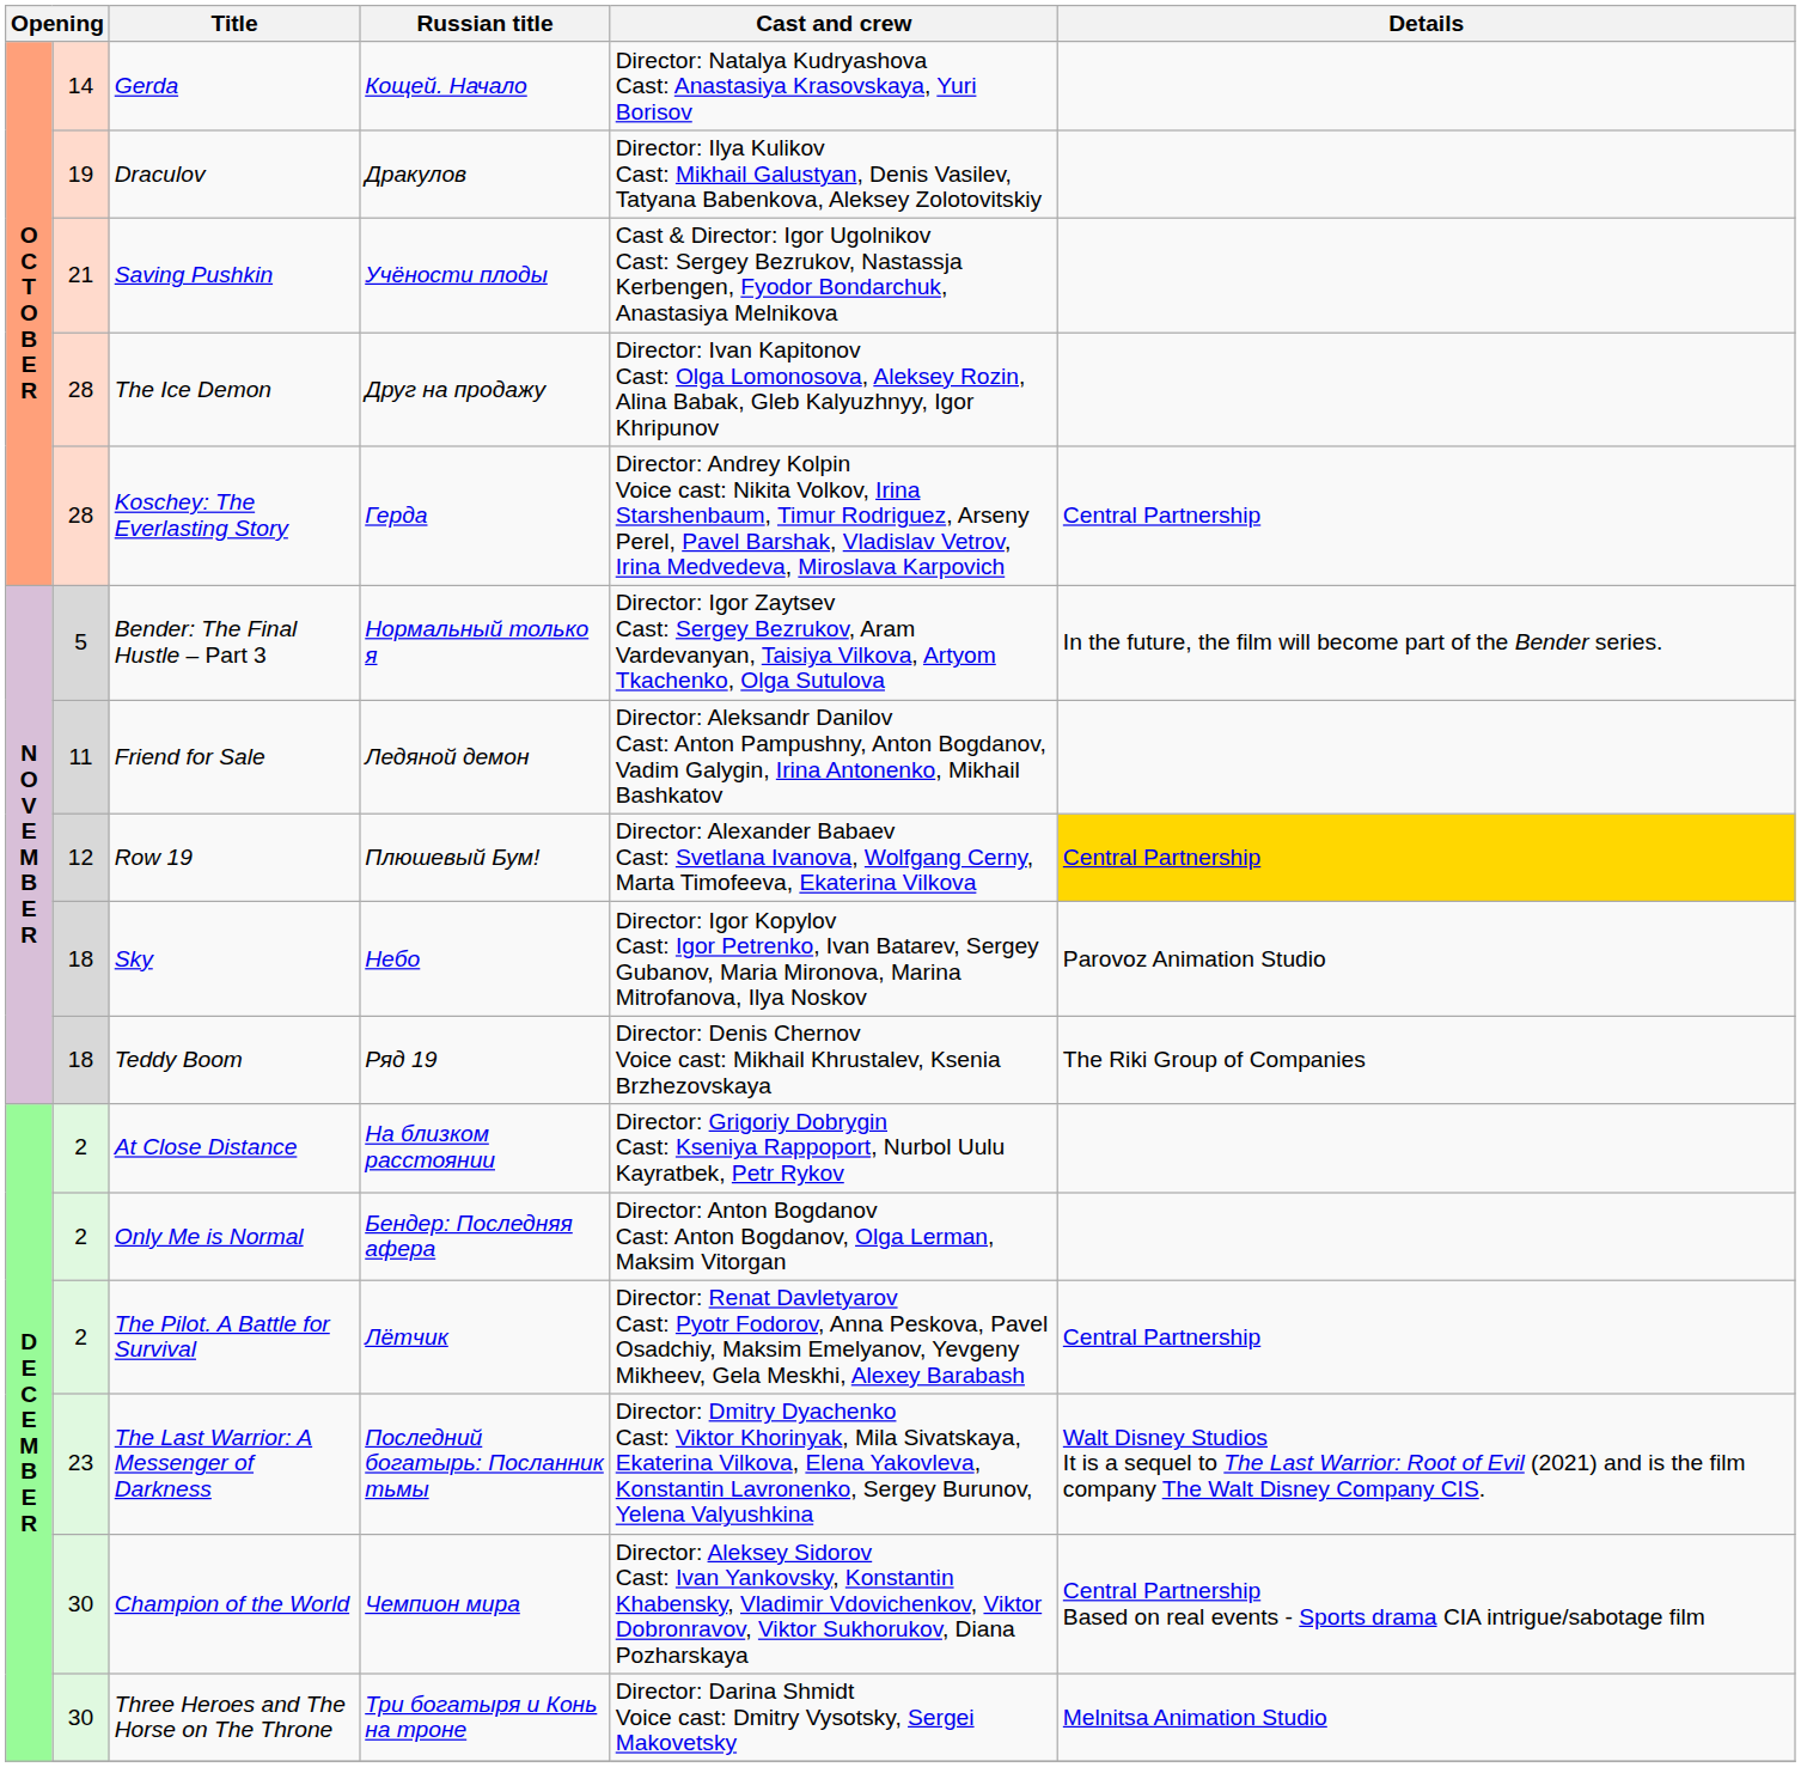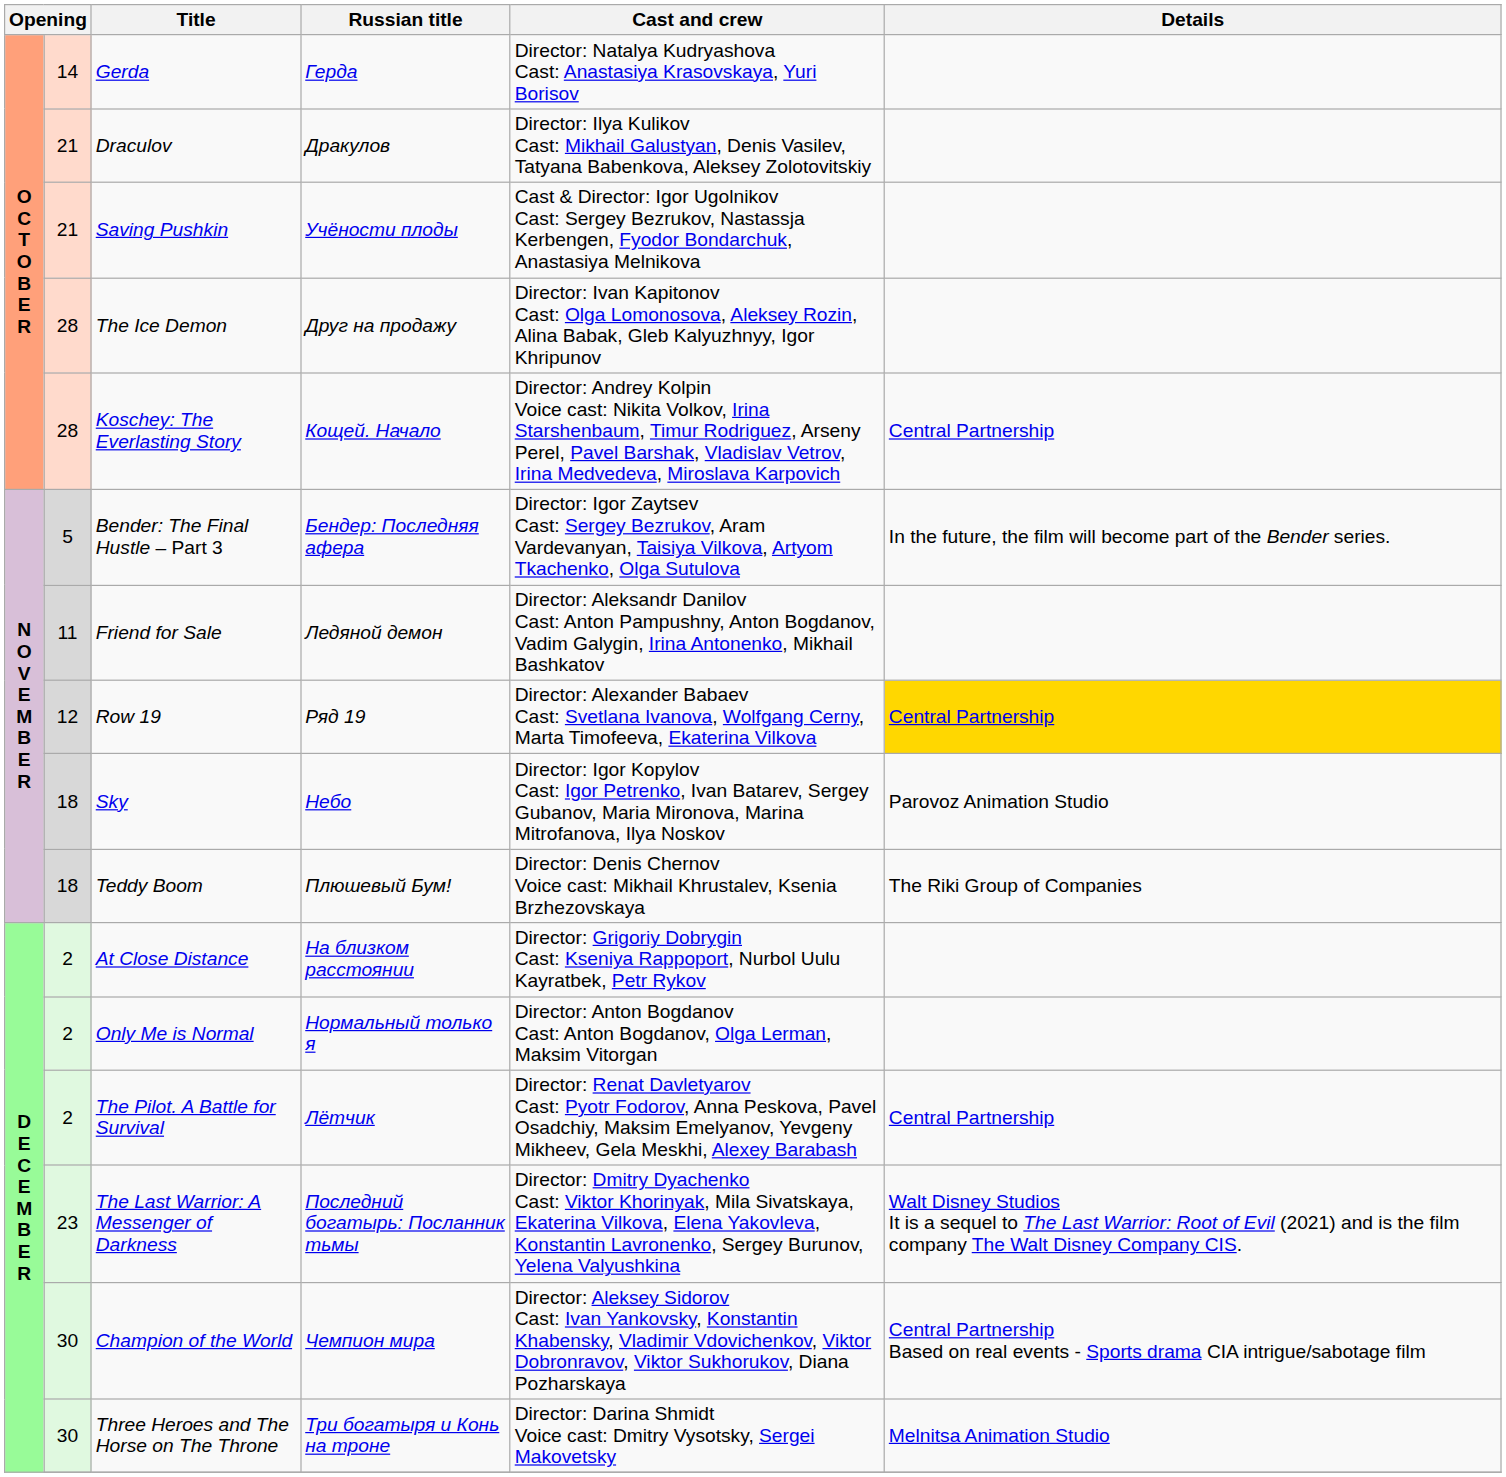 <table class="wikitable">
 <tr>
 <th colspan="2">Opening</th>
 <th style="width:14%;">Title</th>
 <th style="width:14%;">Russian title</th>
 <th style="width:25%;">Cast and crew</th>
 <th>Details</th>
 </tr>
 <tr>
 <th rowspan="5" align="center" style="background:#ffa07a; textcolor:#000;">O<br>C<br>T<br>O<br>B<br>E<br>R</th>
 <td align="center" style="background:#ffdacc;">14</td>
 <td><em><a href='#'>Gerda</a></em></td>
-<td><em><a href='#'>Кощей. Начало</a></em></td>
+<td><em><a href='#'>Герда</a></em></td>
 <td>Director: Natalya Kudryashova <br> Cast: <a href='#'>Anastasiya Krasovskaya</a>, <a href='#'>Yuri Borisov</a></td>
 <td></td>
 </tr>
 <tr>
-<td align="center" style="background:#ffdacc;">19</td>
+<td align="center" style="background:#ffdacc;">21</td>
 <td><em>Draculov</em></td>
 <td><em>Дракулов</em></td>
 <td>Director: Ilya Kulikov <br> Cast: <a href='#'>Mikhail Galustyan</a>, Denis Vasilev, Tatyana Babenkova, Aleksey Zolotovitskiy</td>
 <td></td>
 </tr>
 <tr>
 <td align="center" style="background:#ffdacc;">21</td>
 <td><em><a href='#'>Saving Pushkin</a></em></td>
 <td><em><a href='#'>Учёности плоды</a></em></td>
 <td>Cast & Director: Igor Ugolnikov <br> Cast: Sergey Bezrukov, Nastassja Kerbengen, <a href='#'>Fyodor Bondarchuk</a>, Anastasiya Melnikova</td>
 <td></td>
 </tr>
 <tr>
 <td align="center" style="background:#ffdacc;">28</td>
 <td><em>The Ice Demon</em></td>
 <td><em>Друг на продажу</em></td>
 <td>Director: Ivan Kapitonov <br> Cast: <a href='#'>Olga Lomonosova</a>, <a href='#'>Aleksey Rozin</a>, Alina Babak, Gleb Kalyuzhnyy, Igor Khripunov</td>
 <td></td>
 </tr>
 <tr>
 <td align="center" style="background:#ffdacc;">28</td>
 <td><em><a href='#'>Koschey: The Everlasting Story</a></em></td>
-<td><em><a href='#'>Герда</a></em></td>
+<td><em><a href='#'>Кощей. Начало</a></em></td>
 <td>Director: Andrey Kolpin <br> Voice cast: Nikita Volkov, <a href='#'>Irina Starshenbaum</a>, <a href='#'>Timur Rodriguez</a>, Arseny Perel, <a href='#'>Pavel Barshak</a>, <a href='#'>Vladislav Vetrov</a>, <a href='#'>Irina Medvedeva</a>, <a href='#'>Miroslava Karpovich</a></td>
 <td><a href='#'>Central Partnership</a></td>
 </tr>
 <tr>
 <th rowspan="5" align="center" style="background:thistle; textcolor:#000;">N<br>O<br>V<br>E<br>M<br>B<br>E<br>R</th>
 <td align="center" style="background:#d8d8d8;">5</td>
 <td><em>Bender: The Final Hustle</em> – Part 3</td>
-<td><em><a href='#'>Нормальный только я</a></em></td>
+<td><em><a href='#'>Бендер: Последняя афера</a></em></td>
 <td>Director: Igor Zaytsev <br> Cast: <a href='#'>Sergey Bezrukov</a>, Aram Vardevanyan, <a href='#'>Taisiya Vilkova</a>, <a href='#'>Artyom Tkachenko</a>, <a href='#'>Olga Sutulova</a></td>
 <td>In the future, the film will become part of the <em>Bender</em> series.</td>
 </tr>
 <tr>
 <td align="center" style="background:#d8d8d8;">11</td>
 <td><em>Friend for Sale</em></td>
 <td><em>Ледяной демон</em></td>
 <td>Director: Aleksandr Danilov <br> Cast: Anton Pampushny, Anton Bogdanov, Vadim Galygin, <a href='#'>Irina Antonenko</a>, Mikhail Bashkatov</td>
 <td></td>
 </tr>
 <tr>
 <td align="center" style="background:#d8d8d8;">12</td>
 <td><em>Row 19</em></td>
-<td><em>Плюшевый Бум!</em></td>
+<td><em>Ряд 19</em></td>
 <td>Director: Alexander Babaev <br> Cast: <a href='#'>Svetlana Ivanova</a>, <a href='#'>Wolfgang Cerny</a>, Marta Timofeeva, <a href='#'>Ekaterina Vilkova</a></td>
 <td style="background: gold;"><a href='#'>Central Partnership</a></td>
 </tr>
 <tr>
 <td align="center" style="background:#d8d8d8;">18</td>
 <td><em><a href='#'>Sky</a></em></td>
 <td><em><a href='#'>Небо</a></em></td>
 <td>Director: Igor Kopylov <br> Cast: <a href='#'>Igor Petrenko</a>, Ivan Batarev, Sergey Gubanov, Maria Mironova, Marina Mitrofanova, Ilya Noskov</td>
 <td>Parovoz Animation Studio</td>
 </tr>
 <tr>
 <td align="center" style="background:#d8d8d8;">18</td>
 <td><em>Teddy Boom</em></td>
-<td><em>Ряд 19</em></td>
+<td><em>Плюшевый Бум!</em></td>
 <td>Director: Denis Chernov  <br> Voice cast: Mikhail Khrustalev, Ksenia Brzhezovskaya</td>
 <td>The Riki Group of Companies</td>
 </tr>
 <tr>
 <th rowspan="7" align="center" style="background:#98fb98; textcolor:#000;">D<br>E<br>C<br>E<br>M<br>B<br>E<br>R</th>
 <td align="center" style="background:#e0f9e0;">2</td>
 <td><em><a href='#'>At Close Distance</a></em></td>
 <td><em><a href='#'>На близком расстоянии</a></em></td>
 <td>Director: <a href='#'>Grigoriy Dobrygin</a> <br> Cast: <a href='#'>Kseniya Rappoport</a>, Nurbol Uulu Kayratbek, <a href='#'>Petr Rykov</a></td>
 <td></td>
 </tr>
 <tr>
 <td align="center" style="background:#e0f9e0;">2</td>
 <td><em><a href='#'>Only Me is Normal</a></em></td>
-<td><em><a href='#'>Бендер: Последняя афера</a></em></td>
+<td><em><a href='#'>Нормальный только я</a></em></td>
 <td>Director: Anton Bogdanov <br> Cast: Anton Bogdanov, <a href='#'>Olga Lerman</a>, Maksim Vitorgan</td>
 <td></td>
 </tr>
 <tr>
 <td align="center" style="background:#e0f9e0;">2</td>
 <td><em><a href='#'>The Pilot. A Battle for Survival</a></em></td>
 <td><em><a href='#'>Лётчик</a></em></td>
 <td>Director: <a href='#'>Renat Davletyarov</a> <br> Cast: <a href='#'>Pyotr Fodorov</a>, Anna Peskova, Pavel Osadchiy, Maksim Emelyanov, Yevgeny Mikheev, Gela Meskhi, <a href='#'>Alexey Barabash</a></td>
 <td><a href='#'>Central Partnership</a></td>
 </tr>
 <tr>
 <td align="center" style="background:#e0f9e0;">23</td>
 <td><em><a href='#'>The Last Warrior: A Messenger of Darkness</a></em></td>
 <td><em><a href='#'>Последний богатырь: Посланник тьмы</a></em></td>
 <td>Director: <a href='#'>Dmitry Dyachenko</a> <br> Cast: <a href='#'>Viktor Khorinyak</a>, Mila Sivatskaya, <a href='#'>Ekaterina Vilkova</a>, <a href='#'>Elena Yakovleva</a>, <a href='#'>Konstantin Lavronenko</a>, Sergey Burunov, <a href='#'>Yelena Valyushkina</a></td>
 <td><a href='#'>Walt Disney Studios</a> <br> It is a sequel to <em><a href='#'>The Last Warrior: Root of Evil</a></em> (2021) and is the film company <a href='#'>The Walt Disney Company CIS</a>.</td>
 </tr>
 <tr>
 <td align="center" style="background:#e0f9e0;">30</td>
 <td><em><a href='#'>Champion of the World</a></em></td>
 <td><em><a href='#'>Чемпион мира</a></em></td>
 <td>Director: <a href='#'>Aleksey Sidorov</a> <br> Cast: <a href='#'>Ivan Yankovsky</a>, <a href='#'>Konstantin Khabensky</a>, <a href='#'>Vladimir Vdovichenkov</a>, <a href='#'>Viktor Dobronravov</a>, <a href='#'>Viktor Sukhorukov</a>, Diana Pozharskaya</td>
 <td><a href='#'>Central Partnership</a> <br> Based on real events - <a href='#'>Sports drama</a> CIA intrigue/sabotage film </td>
 </tr>
 <tr>
 <td align="center" style="background:#e0f9e0;">30</td>
 <td><em>Three Heroes and The Horse on The Throne</em></td>
 <td><em><a href='#'>Три богатыря и Конь на троне</a></em></td>
 <td>Director: Darina Shmidt <br> Voice cast: Dmitry Vysotsky, <a href='#'>Sergei Makovetsky</a></td>
 <td><a href='#'>Melnitsa Animation Studio</a></td>
 </tr>
 <tr>
 </tr>
 </table>
